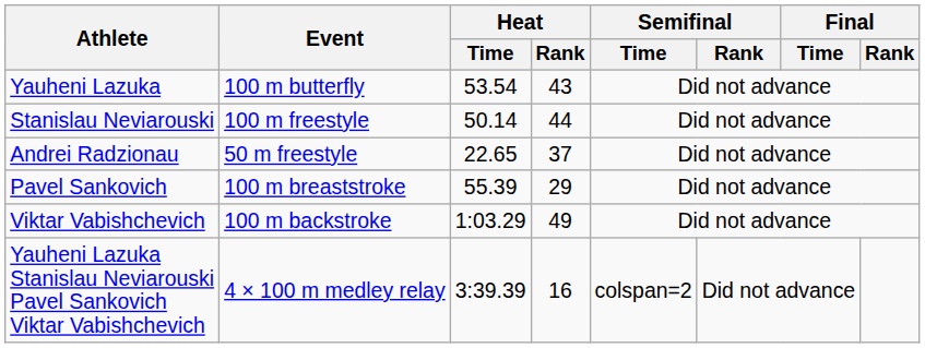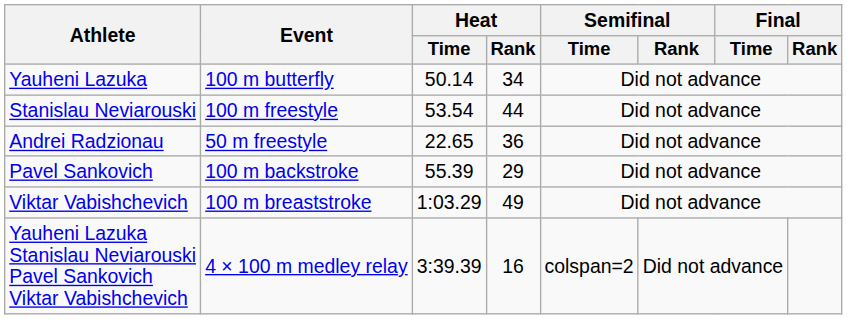 <table class=wikitable style="font-size:90%">
 <tr>
 <th rowspan="2">Athlete</th>
 <th rowspan="2">Event</th>
 <th colspan="2">Heat</th>
 <th colspan="2">Semifinal</th>
 <th colspan="2">Final</th>
 </tr>
 <tr style="font-size:95%">
 <th>Time</th>
 <th>Rank</th>
 <th>Time</th>
 <th>Rank</th>
 <th>Time</th>
 <th>Rank</th>
 </tr>
 <tr align=center>
 <td align=left><a href='#'>Yauheni Lazuka</a></td>
 <td align=left><a href='#'>100 m butterfly</a></td>
-<td>53.54</td>
-<td>43</td>
+<td>50.14</td>
+<td>34</td>
 <td colspan=4>Did not advance</td>
 </tr>
 <tr align=center>
 <td align=left><a href='#'>Stanislau Neviarouski</a></td>
 <td align=left><a href='#'>100 m freestyle</a></td>
-<td>50.14</td>
+<td>53.54</td>
 <td>44</td>
 <td colspan=4>Did not advance</td>
 </tr>
 <tr align=center>
 <td align=left><a href='#'>Andrei Radzionau</a></td>
 <td align=left><a href='#'>50 m freestyle</a></td>
 <td>22.65</td>
-<td>37</td>
+<td>36</td>
 <td colspan=4>Did not advance</td>
 </tr>
 <tr align=center>
 <td align=left><a href='#'>Pavel Sankovich</a></td>
-<td align=left><a href='#'>100 m breaststroke</a></td>
+<td align=left><a href='#'>100 m backstroke</a></td>
 <td>55.39</td>
 <td>29</td>
 <td colspan=4>Did not advance</td>
 </tr>
 <tr align=center>
 <td align=left><a href='#'>Viktar Vabishchevich</a></td>
-<td align=left><a href='#'>100 m backstroke</a></td>
+<td align=left><a href='#'>100 m breaststroke</a></td>
 <td>1:03.29</td>
 <td>49</td>
 <td colspan=4>Did not advance</td>
 </tr>
 <tr align=center>
 <td align=left><a href='#'>Yauheni Lazuka</a><br><a href='#'>Stanislau Neviarouski</a><br><a href='#'>Pavel Sankovich</a><br><a href='#'>Viktar Vabishchevich</a></td>
 <td align=left><a href='#'>4 × 100 m medley relay</a></td>
 <td>3:39.39</td>
 <td>16</td>
 <td>colspan=2 </td>
 <td colspan=2>Did not advance</td>
 </tr>
 </table>
